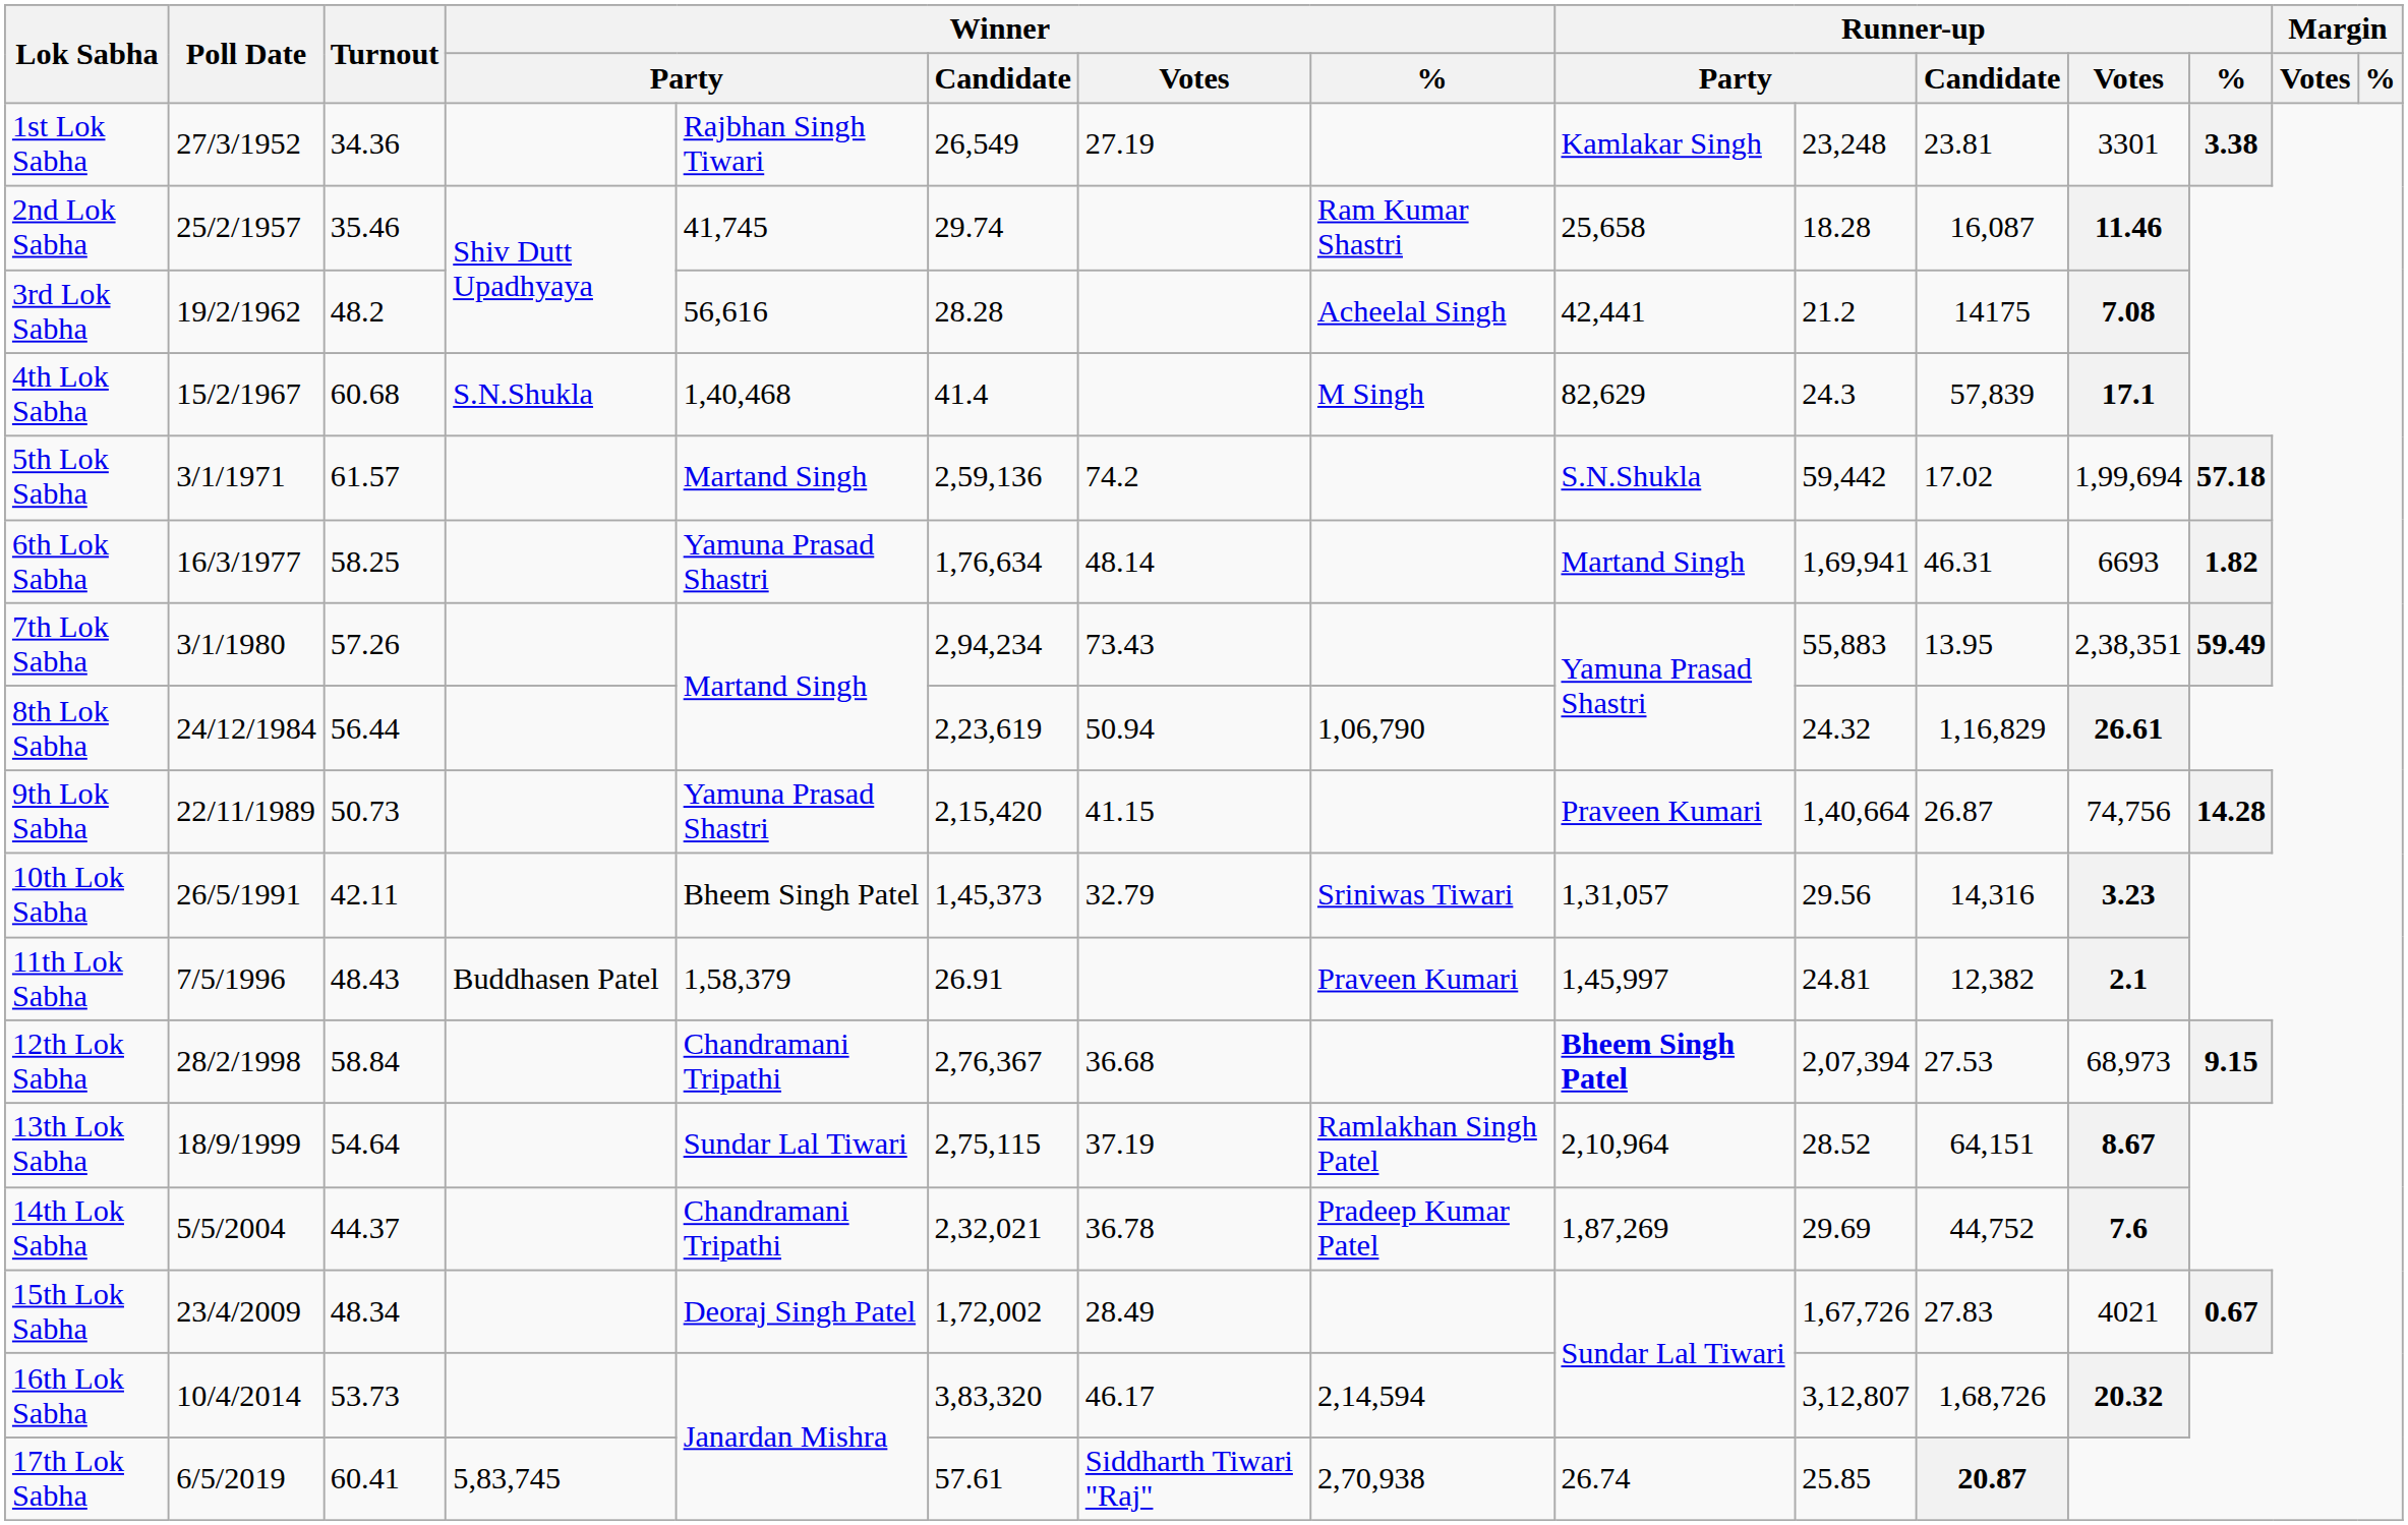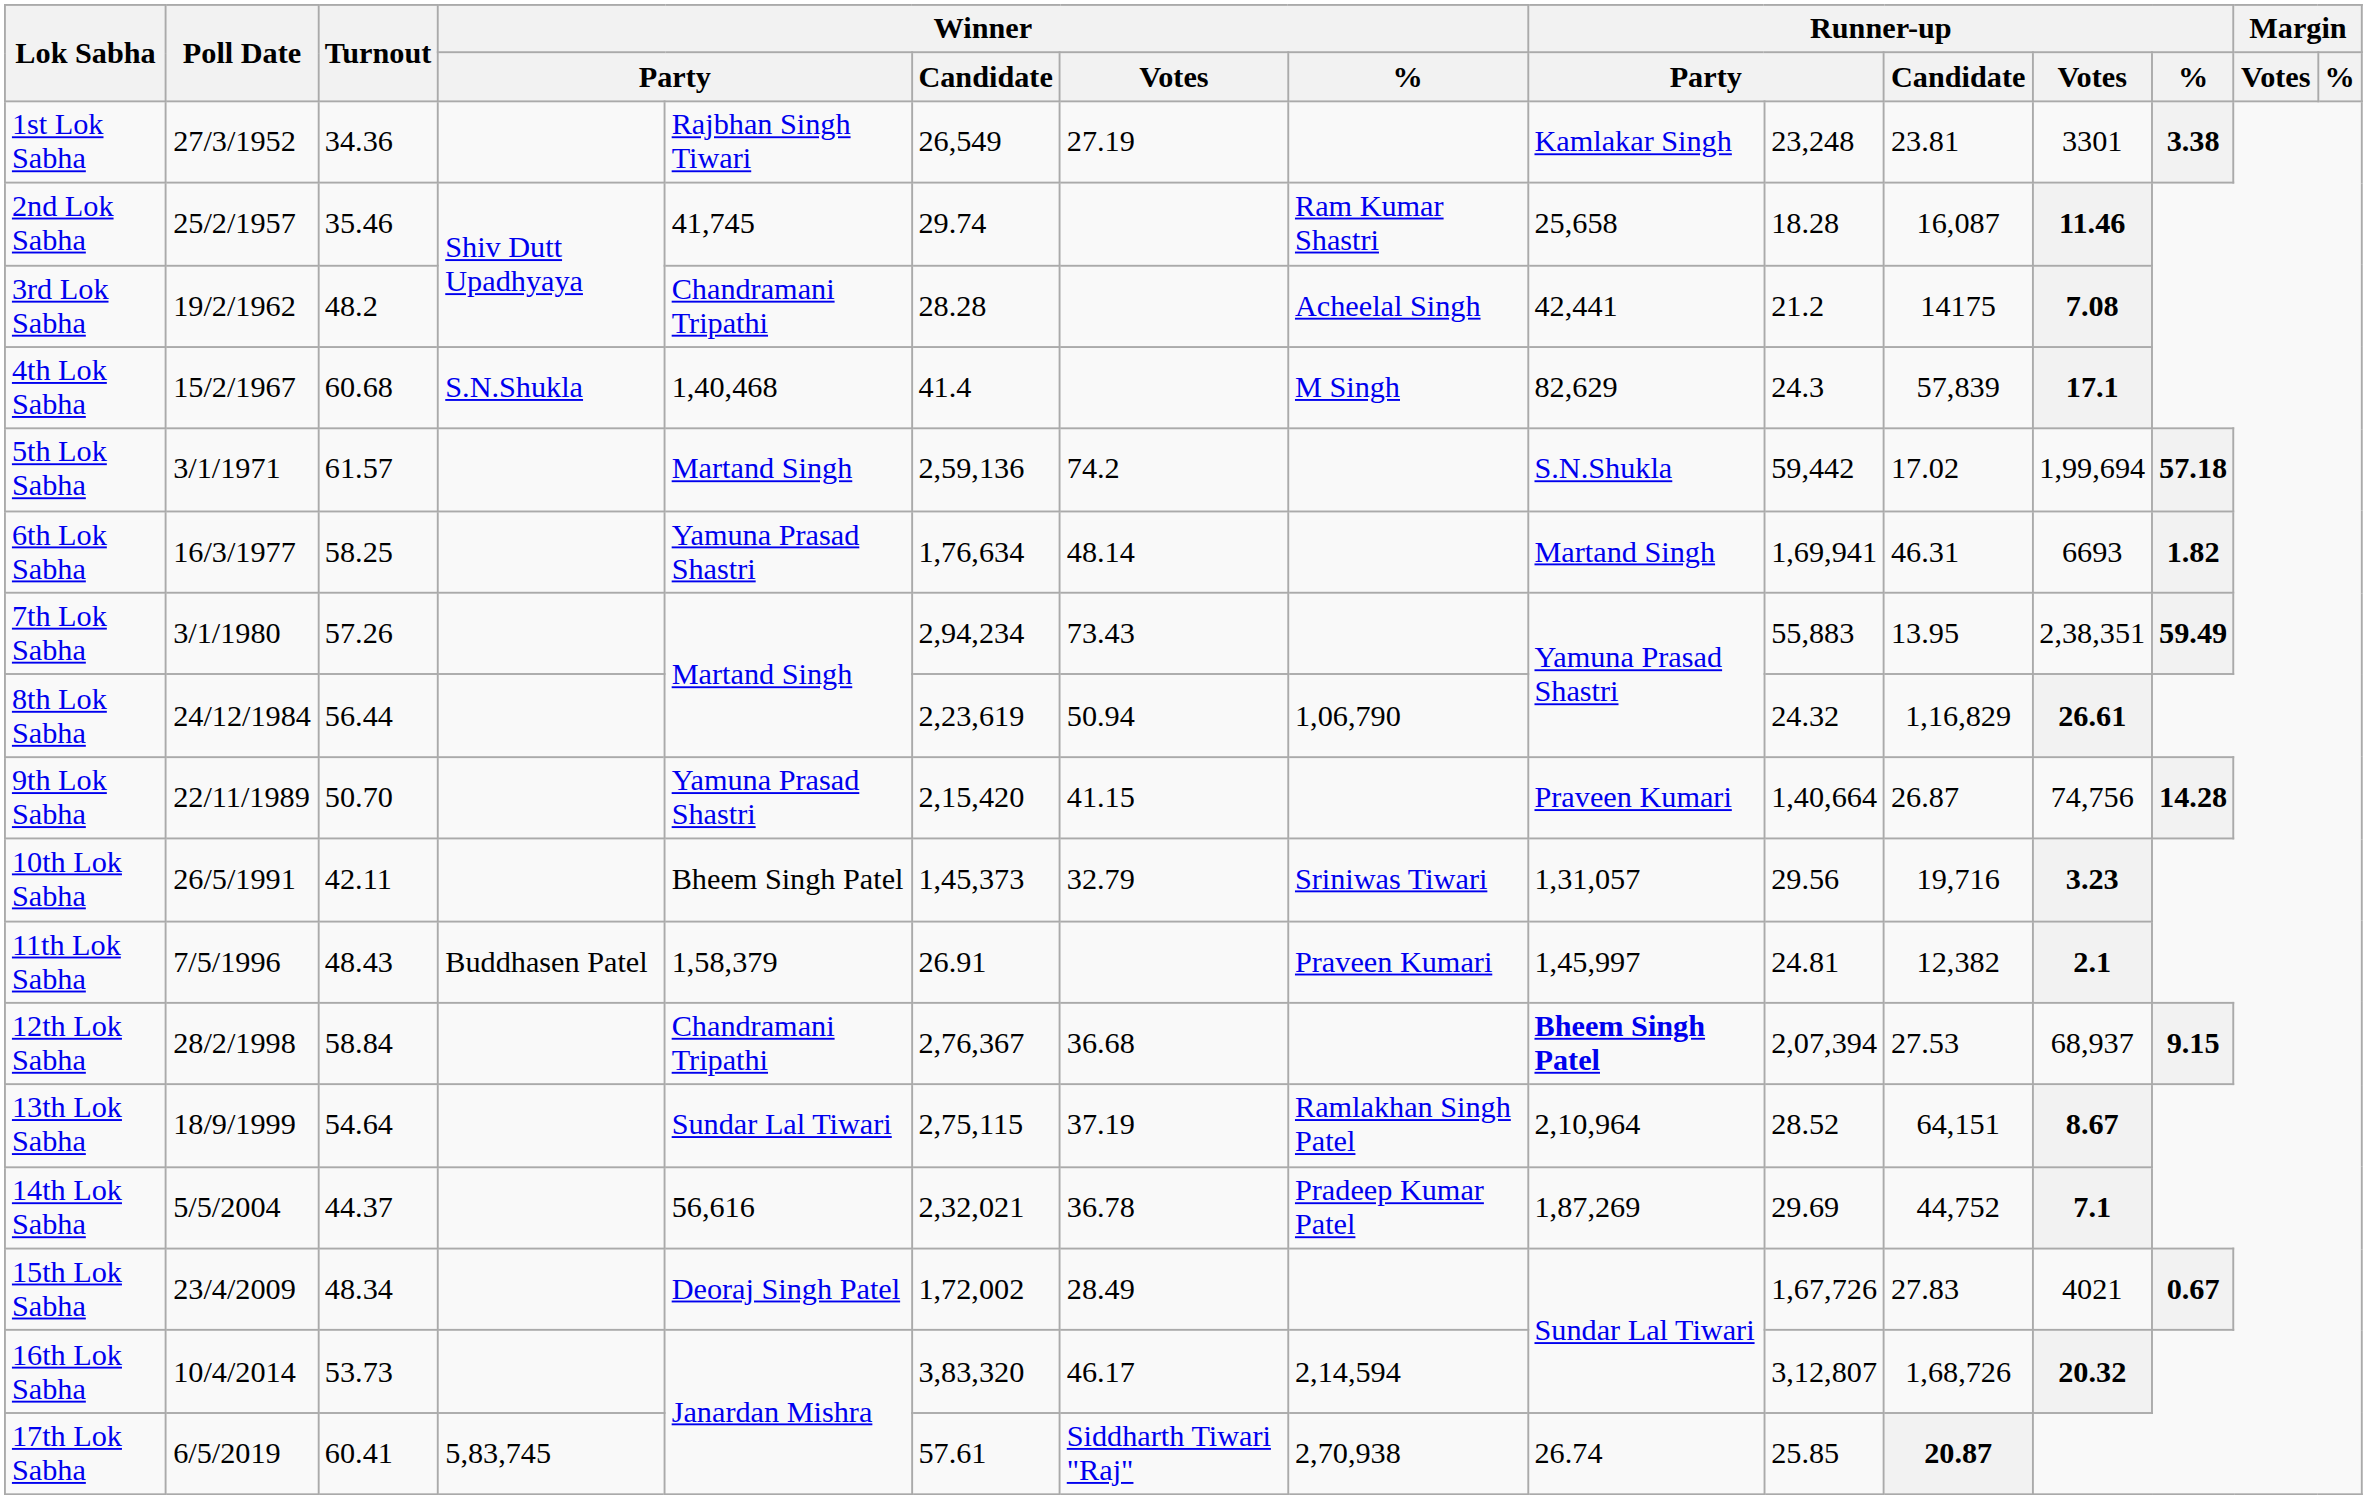 <table class="wikitable sortable">
 <tr>
 <th rowspan="2">Lok Sabha</th>
 <th rowspan="2">Poll Date</th>
 <th rowspan="2">Turnout</th>
 <th colspan="5">Winner</th>
 <th colspan="5">Runner-up</th>
 <th colspan="2">Margin</th>
 </tr>
 <tr>
 <th colspan="2">Party</th>
 <th>Candidate</th>
 <th>Votes</th>
 <th>%</th>
 <th colspan="2">Party</th>
 <th>Candidate</th>
 <th>Votes</th>
 <th>%</th>
 <th>Votes</th>
 <th>%</th>
 </tr>
 <tr>
 <td><a href='#'>1st Lok Sabha</a></td>
 <td>27/3/1952</td>
 <td>34.36</td>
 <td></td>
 <td><a href='#'>Rajbhan Singh Tiwari</a></td>
 <td>26,549</td>
 <td>27.19</td>
 <td></td>
 <td><a href='#'>Kamlakar Singh</a></td>
 <td>23,248</td>
 <td>23.81</td>
 <td style="text-align:center;background:">3301</td>
 <th>3.38</th>
 </tr>
 <tr>
 <td><a href='#'>2nd Lok Sabha</a></td>
 <td>25/2/1957</td>
 <td>35.46</td>
 <td rowspan="2"><a href='#'>Shiv Dutt Upadhyaya</a></td>
 <td>41,745</td>
 <td>29.74</td>
 <td></td>
 <td><a href='#'>Ram Kumar Shastri</a></td>
 <td>25,658</td>
 <td>18.28</td>
 <td style="text-align:center;background:">16,087</td>
 <th>11.46</th>
 </tr>
 <tr>
 <td><a href='#'>3rd Lok Sabha</a></td>
 <td>19/2/1962</td>
 <td>48.2</td>
-<td>56,616</td>
+<td><a href='#'>Chandramani Tripathi</a></td>
 <td>28.28</td>
 <td></td>
 <td><a href='#'>Acheelal Singh</a></td>
 <td>42,441</td>
 <td>21.2</td>
 <td style="text-align:center;background:">14175</td>
 <th>7.08</th>
 </tr>
 <tr>
 <td><a href='#'>4th Lok Sabha</a></td>
 <td>15/2/1967</td>
 <td>60.68</td>
 <td><a href='#'>S.N.Shukla</a></td>
 <td>1,40,468</td>
 <td>41.4</td>
 <td></td>
 <td><a href='#'>M Singh</a></td>
 <td>82,629</td>
 <td>24.3</td>
 <td style="text-align:center;background:">57,839</td>
 <th>17.1</th>
 </tr>
 <tr>
 <td><a href='#'>5th Lok Sabha</a></td>
 <td>3/1/1971</td>
 <td>61.57</td>
 <td></td>
 <td><a href='#'>Martand Singh</a></td>
 <td>2,59,136</td>
 <td>74.2</td>
 <td></td>
 <td><a href='#'>S.N.Shukla</a></td>
 <td>59,442</td>
 <td>17.02</td>
 <td style="text-align:center;background:">1,99,694</td>
 <th>57.18</th>
 </tr>
 <tr>
 <td><a href='#'>6th Lok Sabha</a></td>
 <td>16/3/1977</td>
 <td>58.25</td>
 <td></td>
 <td><a href='#'>Yamuna Prasad Shastri</a></td>
 <td>1,76,634</td>
 <td>48.14</td>
 <td></td>
 <td><a href='#'>Martand Singh</a></td>
 <td>1,69,941</td>
 <td>46.31</td>
 <td style="text-align:center;background:">6693</td>
 <th>1.82</th>
 </tr>
 <tr>
 <td><a href='#'>7th Lok Sabha</a></td>
 <td>3/1/1980</td>
 <td>57.26</td>
 <td></td>
 <td rowspan=2><a href='#'>Martand Singh</a></td>
 <td>2,94,234</td>
 <td>73.43</td>
 <td></td>
 <td rowspan=2><a href='#'>Yamuna Prasad Shastri</a></td>
 <td>55,883</td>
 <td>13.95</td>
 <td style="text-align:center;background:">2,38,351</td>
 <th>59.49</th>
 </tr>
 <tr>
 <td><a href='#'>8th Lok Sabha</a></td>
 <td>24/12/1984</td>
 <td>56.44</td>
 <td></td>
 <td>2,23,619</td>
 <td>50.94</td>
 <td>1,06,790</td>
 <td>24.32</td>
 <td style="text-align:center;background:">1,16,829</td>
 <th>26.61</th>
 </tr>
 <tr>
 <td><a href='#'>9th Lok Sabha</a></td>
 <td>22/11/1989</td>
-<td>50.73</td>
+<td>50.70</td>
 <td></td>
 <td><a href='#'>Yamuna Prasad Shastri</a></td>
 <td>2,15,420</td>
 <td>41.15</td>
 <td></td>
 <td><a href='#'>Praveen Kumari</a></td>
 <td>1,40,664</td>
 <td>26.87</td>
 <td style="text-align:center;background:">74,756</td>
 <th>14.28</th>
 </tr>
 <tr>
 <td><a href='#'>10th Lok Sabha</a></td>
 <td>26/5/1991</td>
 <td>42.11</td>
 <td></td>
 <td>Bheem Singh Patel</td>
 <td>1,45,373</td>
 <td>32.79</td>
 <td><a href='#'>Sriniwas Tiwari</a></td>
 <td>1,31,057</td>
 <td>29.56</td>
-<td style="text-align:center;background:">14,316</td>
+<td style="text-align:center;background:">19,716</td>
 <th>3.23</th>
 </tr>
 <tr>
 <td><a href='#'>11th Lok Sabha</a></td>
 <td>7/5/1996</td>
 <td>48.43</td>
 <td>Buddhasen Patel</td>
 <td>1,58,379</td>
 <td>26.91</td>
 <td></td>
 <td><a href='#'>Praveen Kumari</a></td>
 <td>1,45,997</td>
 <td>24.81</td>
 <td style="text-align:center;background:">12,382</td>
 <th>2.1</th>
 </tr>
 <tr>
 <td><a href='#'>12th Lok Sabha</a></td>
 <td>28/2/1998</td>
 <td>58.84</td>
 <td></td>
 <td><a href='#'>Chandramani Tripathi</a></td>
 <td>2,76,367</td>
 <td>36.68</td>
 <td></td>
 <td><strong><a href='#'>Bheem Singh Patel</a></strong></td>
 <td>2,07,394</td>
 <td>27.53</td>
-<td style="text-align:center;background:">68,973</td>
+<td style="text-align:center;background:">68,937</td>
 <th>9.15</th>
 </tr>
 <tr>
 <td><a href='#'>13th Lok Sabha</a></td>
 <td>18/9/1999</td>
 <td>54.64</td>
 <td></td>
 <td><a href='#'>Sundar Lal Tiwari</a></td>
 <td>2,75,115</td>
 <td>37.19</td>
 <td><a href='#'>Ramlakhan Singh Patel</a></td>
 <td>2,10,964</td>
 <td>28.52</td>
 <td style="text-align:center;background:">64,151</td>
 <th>8.67</th>
 </tr>
 <tr>
 <td><a href='#'>14th Lok Sabha</a></td>
 <td>5/5/2004</td>
 <td>44.37</td>
 <td></td>
-<td><a href='#'>Chandramani Tripathi</a></td>
+<td>56,616</td>
 <td>2,32,021</td>
 <td>36.78</td>
 <td><a href='#'>Pradeep Kumar Patel</a></td>
 <td>1,87,269</td>
 <td>29.69</td>
 <td style="text-align:center;background:">44,752</td>
-<th>7.6</th>
+<th>7.1</th>
 </tr>
 <tr>
 <td><a href='#'>15th Lok Sabha</a></td>
 <td>23/4/2009</td>
 <td>48.34</td>
 <td></td>
 <td><a href='#'>Deoraj Singh Patel</a></td>
 <td>1,72,002</td>
 <td>28.49</td>
 <td></td>
 <td rowspan=2><a href='#'>Sundar Lal Tiwari</a></td>
 <td>1,67,726</td>
 <td>27.83</td>
 <td style="text-align:center;background:">4021</td>
 <th>0.67</th>
 </tr>
 <tr>
 <td><a href='#'>16th Lok Sabha</a></td>
 <td>10/4/2014</td>
 <td>53.73</td>
 <td></td>
 <td rowspan=2><a href='#'>Janardan Mishra</a></td>
 <td>3,83,320</td>
 <td>46.17</td>
 <td>2,14,594</td>
 <td style="text-align:center;background:">3,12,807</td>
 <td style="text-align:center;background:">1,68,726</td>
 <th>20.32</th>
 </tr>
 <tr>
 <td><a href='#'>17th Lok Sabha</a></td>
 <td>6/5/2019</td>
 <td>60.41</td>
 <td>5,83,745</td>
 <td>57.61</td>
 <td><a href='#'>Siddharth Tiwari "Raj"</a></td>
 <td>2,70,938</td>
 <td>26.74</td>
 <td>25.85</td>
 <th>20.87</th>
 </tr>
 </table>
